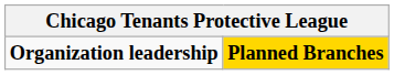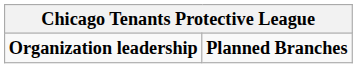 <table class="wikitable">
 <tr>
 <th colspan="2">Chicago Tenants Protective League</th>
 </tr>
 <tr>
 <td><strong>Organization leadership</strong><br></td>
-<td style="background: gold;"><strong>Planned Branches</strong></td>
+<td><strong>Planned Branches</strong></td>
 </tr>
 </table>
